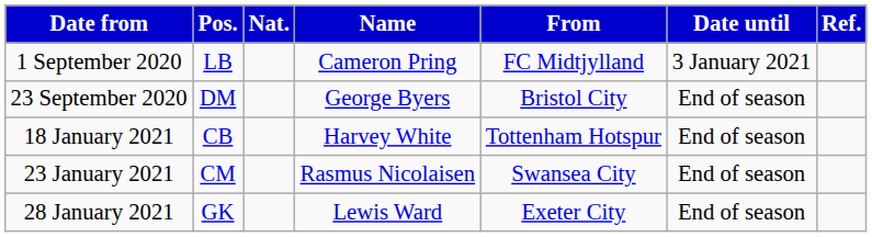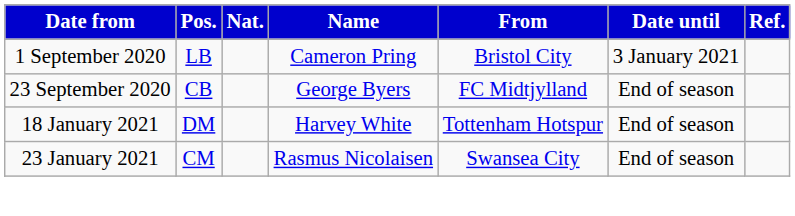 <table class="wikitable"  style="text-align:center; font-size:90%; ">
 <tr>
 <th style="background:mediumblue;color:white;">Date from</th>
 <th style="background:mediumblue;color:white;">Pos.</th>
 <th style="background:mediumblue;color:white;">Nat.</th>
 <th style="background:mediumblue;color:white;">Name</th>
 <th style="background:mediumblue;color:white;">From</th>
 <th style="background:mediumblue;color:white;">Date until</th>
 <th style="background:mediumblue;color:white;">Ref.</th>
 </tr>
 <tr>
 <td>1 September 2020</td>
 <td><a href='#'>LB</a></td>
 <td></td>
 <td><a href='#'>Cameron Pring</a></td>
-<td> <a href='#'>FC Midtjylland</a></td>
+<td> <a href='#'>Bristol City</a></td>
 <td>3 January 2021</td>
 <td></td>
 </tr>
 <tr>
 <td>23 September 2020</td>
-<td><a href='#'>DM</a></td>
+<td><a href='#'>CB</a></td>
 <td></td>
 <td><a href='#'>George Byers</a></td>
-<td> <a href='#'>Bristol City</a></td>
+<td> <a href='#'>FC Midtjylland</a></td>
 <td>End of season</td>
 <td></td>
 </tr>
 <tr>
 <td>18 January 2021</td>
-<td><a href='#'>CB</a></td>
+<td><a href='#'>DM</a></td>
 <td></td>
 <td><a href='#'>Harvey White</a></td>
 <td> <a href='#'>Tottenham Hotspur</a></td>
 <td>End of season</td>
 <td></td>
 </tr>
 <tr>
 <td>23 January 2021</td>
 <td><a href='#'>CM</a></td>
 <td></td>
 <td><a href='#'>Rasmus Nicolaisen</a></td>
 <td> <a href='#'>Swansea City</a></td>
 <td>End of season</td>
 <td></td>
 </tr>
-<tr>
-<td>28 January 2021</td>
-<td><a href='#'>GK</a></td>
-<td></td>
-<td><a href='#'>Lewis Ward</a></td>
-<td> <a href='#'>Exeter City</a></td>
-<td>End of season</td>
-<td></td>
-</tr>
 </table>
